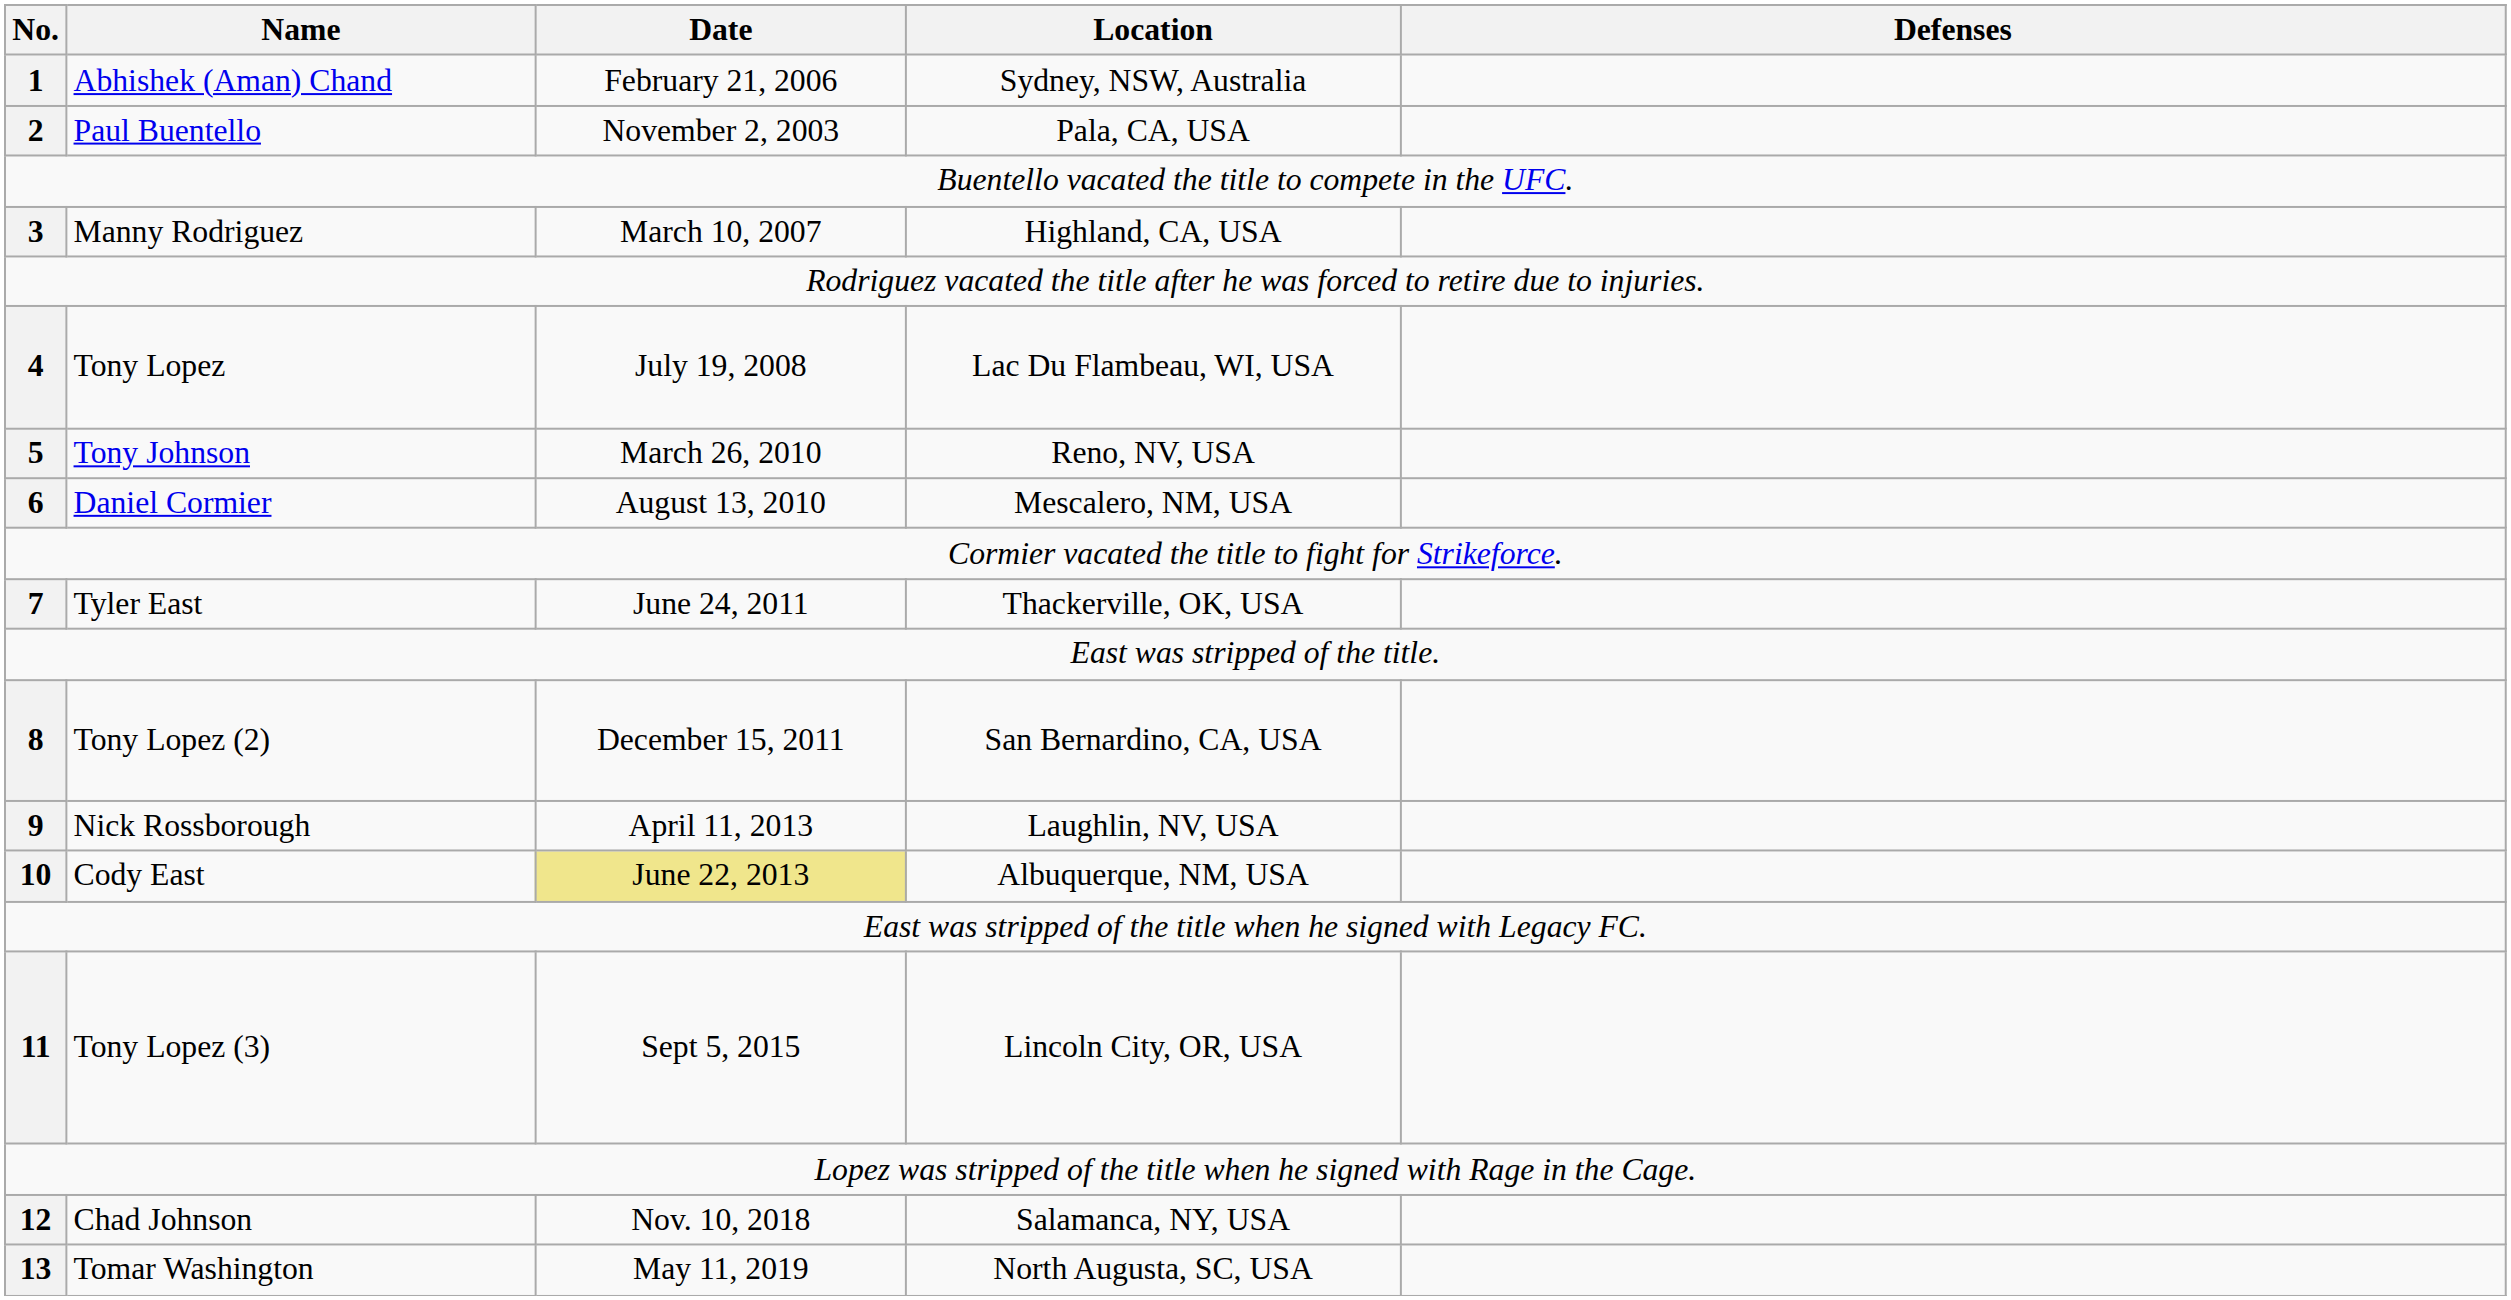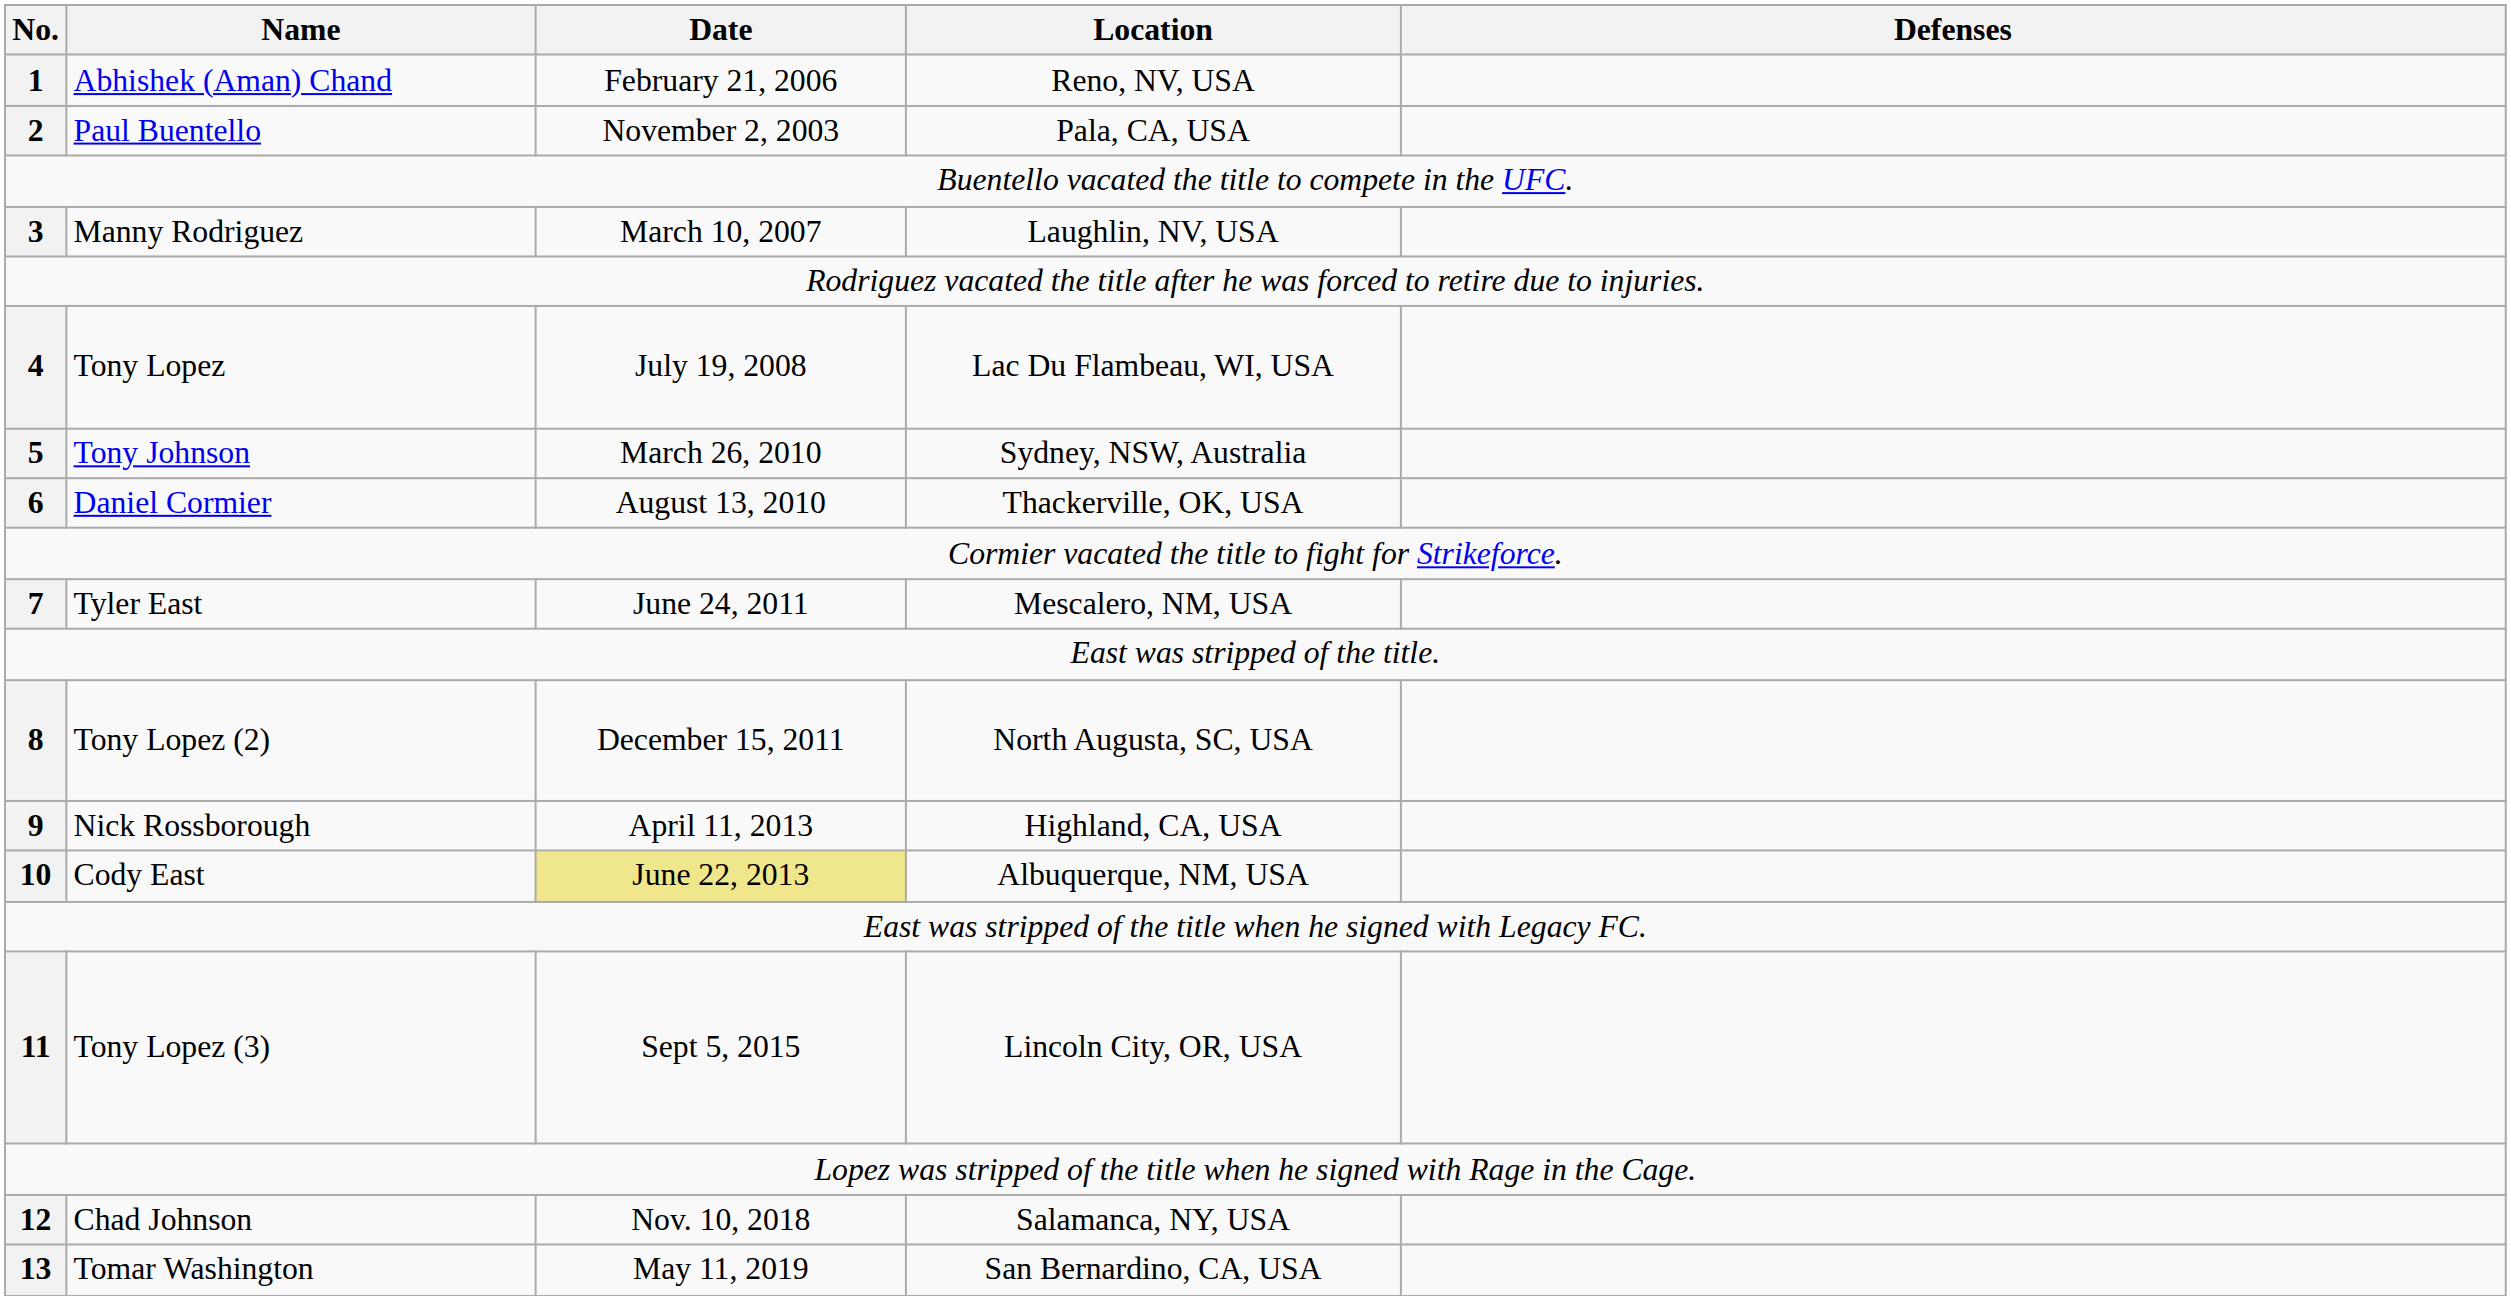 <table class="wikitable" width=100%>
 <tr>
 <th width=1%>No.</th>
 <th width=19%>Name</th>
 <th width=15%>Date</th>
 <th width=20%>Location</th>
 <th width=45%>Defenses</th>
 </tr>
 <tr>
 <th>1</th>
 <td align=left> <a href='#'>Abhishek (Aman) Chand</a><br></td>
 <td align=center>February 21, 2006<br></td>
-<td align=center>Sydney, NSW, Australia</td>
+<td align=center>Reno, NV, USA</td>
 <td><br></td>
 </tr>
 <tr>
 <th>2</th>
 <td align=left> <a href='#'>Paul Buentello</a></td>
 <td align=center>November 2, 2003<br></td>
 <td align=center>Pala, CA, USA</td>
 <td><br></td>
 </tr>
 <tr>
 <td align="center" colspan="5"><em>Buentello vacated the title to compete in the <a href='#'>UFC</a>.</em></td>
 </tr>
 <tr>
 <th>3</th>
 <td align=left> Manny Rodriguez<br></td>
 <td align=center>March 10, 2007<br></td>
-<td align=center>Highland, CA, USA</td>
+<td align=center>Laughlin, NV, USA</td>
 <td></td>
 </tr>
 <tr>
 <td align="center" colspan="5"><em>Rodriguez vacated the title after he was forced to retire due to injuries.</em></td>
 </tr>
 <tr>
 <th>4</th>
 <td align=left> Tony Lopez<br></td>
 <td align=center>July 19, 2008<br></td>
 <td align=center>Lac Du Flambeau, WI, USA</td>
 <td><br><br> <br> </td>
 </tr>
 <tr>
 <th>5</th>
 <td align=left> <a href='#'>Tony Johnson</a></td>
 <td align=center>March 26, 2010<br></td>
-<td align=center>Reno, NV, USA</td>
+<td align=center>Sydney, NSW, Australia</td>
 <td></td>
 </tr>
 <tr>
 <th>6</th>
 <td align=left> <a href='#'>Daniel Cormier</a></td>
 <td align=center>August 13, 2010<br></td>
-<td align=center>Mescalero, NM, USA</td>
+<td align=center>Thackerville, OK, USA</td>
 <td></td>
 </tr>
 <tr>
 <td align="center" colspan="5"><em>Cormier vacated the title to fight for <a href='#'>Strikeforce</a>.</em></td>
 </tr>
 <tr>
 <th>7</th>
 <td align=left> Tyler East<br></td>
 <td align=center>June 24, 2011<br></td>
-<td align=center>Thackerville, OK, USA</td>
+<td align=center>Mescalero, NM, USA</td>
 <td></td>
 </tr>
 <tr>
 <td align="center" colspan="5"><em>East was stripped of the title.</em></td>
 </tr>
 <tr>
 <th>8</th>
 <td align=left> Tony Lopez (2)<br></td>
 <td align=center>December 15, 2011<br></td>
-<td align=center>San Bernardino, CA, USA</td>
+<td align=center>North Augusta, SC, USA</td>
 <td><br><br> <br> </td>
 </tr>
 <tr>
 <th>9</th>
 <td align=left> Nick Rossborough</td>
 <td align=center>April 11, 2013<br></td>
-<td align=center>Laughlin, NV, USA</td>
+<td align=center>Highland, CA, USA</td>
 <td></td>
 </tr>
 <tr>
 <th>10</th>
 <td align=left> Cody East</td>
 <td align=center style="background: khaki;">June 22, 2013<br></td>
 <td align=center>Albuquerque, NM, USA</td>
 <td></td>
 </tr>
 <tr>
 <td align="center" colspan="5"><em>East was stripped of the title when he signed with Legacy FC.</em></td>
 </tr>
 <tr>
 <th>11</th>
 <td align=left> Tony Lopez (3) <br> </td>
 <td align=center>Sept 5, 2015<br></td>
 <td align=center>Lincoln City, OR, USA</td>
 <td><br><br><br> <br> <br> </td>
 </tr>
 <tr>
 <td align="center" colspan="5"><em>Lopez was stripped of the title when he signed with Rage in the Cage.</em></td>
 </tr>
 <tr>
 <th>12</th>
 <td align=left> Chad Johnson <br> </td>
 <td align=center>Nov. 10, 2018<br></td>
 <td align=center>Salamanca, NY, USA</td>
 <td></td>
 </tr>
 <tr>
 <th>13</th>
 <td align=left> Tomar Washington</td>
 <td align=center>May 11, 2019<br></td>
-<td align=center>North Augusta, SC, USA</td>
+<td align=center>San Bernardino, CA, USA</td>
 <td></td>
 </tr>
 </table>
